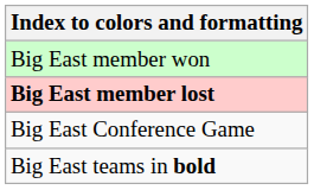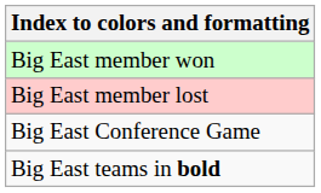 <table class="wikitable">
 <tr>
 <th>Index to colors and formatting</th>
 </tr>
 <tr bgcolor=#ccffcc>
 <td>Big East member won</td>
 </tr>
 <tr bgcolor=#ffcccc>
-<td><strong>Big East member lost</strong></td>
+<td>Big East member lost</td>
 </tr>
 <tr>
 <td>Big East Conference Game</td>
 </tr>
 <tr>
 <td>Big East teams in <strong>bold</strong></td>
 </tr>
 </table>
